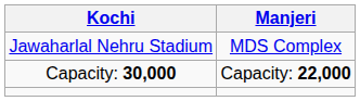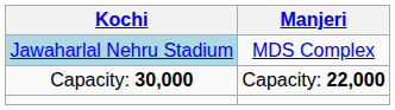 <table class="wikitable" style="text-align:center; margin-left: auto; margin-right: auto; border: none;">
 <tr>
 <th><a href='#'>Kochi</a></th>
 <th><a href='#'>Manjeri</a></th>
 </tr>
 <tr>
-<td><a href='#'>Jawaharlal Nehru Stadium</a></td>
+<td style="background: lightblue;"><a href='#'>Jawaharlal Nehru Stadium</a></td>
 <td><a href='#'>MDS Complex</a></td>
 </tr>
 <tr>
 <td>Capacity: <strong>30,000</strong></td>
 <td>Capacity: <strong>22,000</strong></td>
 </tr>
 <tr>
 <td></td>
 <td></td>
 </tr>
 <tr>
 </tr>
 </table>
